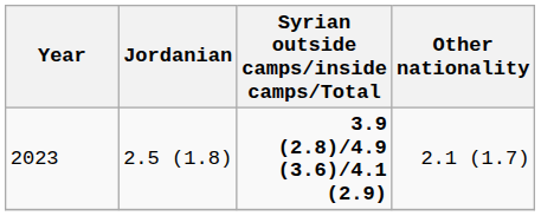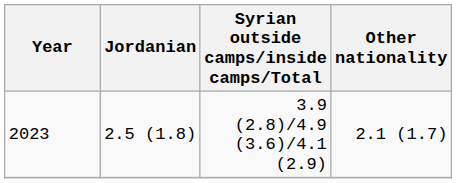 <table class="wikitable">
 <tr>
 <th style="width:50pt;">Year</th>
 <th style="width:50pt;">Jordanian</th>
 <th style="width:50pt;">Syrian outside camps/inside camps/Total</th>
 <th style="width:50pt;">Other nationality</th>
 </tr>
 <tr>
 <td>2023</td>
 <td style="text-align:right;">2.5 (1.8)</td>
-<td style="text-align:right;"><strong>3.9 (2.8)/4.9 (3.6)/4.1 (2.9)</strong></td>
+<td style="text-align:right;">3.9 (2.8)/4.9 (3.6)/4.1 (2.9)</td>
 <td style="text-align:right;">2.1 (1.7)</td>
 </tr>
 <tr>
 </tr>
 </table>
